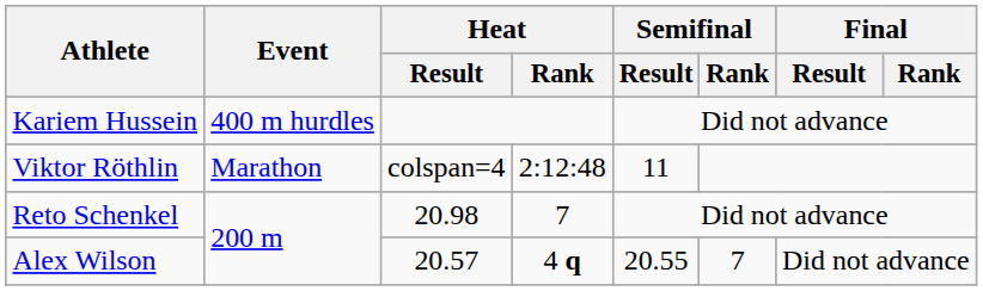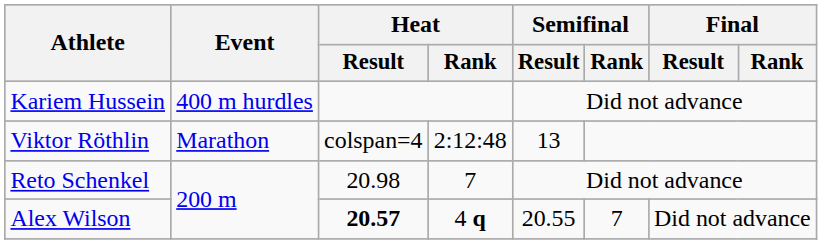 <table class="wikitable" style="font-size:90%">
 <tr>
 <th rowspan="2">Athlete</th>
 <th rowspan="2">Event</th>
 <th colspan="2">Heat</th>
 <th colspan="2">Semifinal</th>
 <th colspan="2">Final</th>
 </tr>
 <tr style="font-size:95%">
 <th>Result</th>
 <th>Rank</th>
 <th>Result</th>
 <th>Rank</th>
 <th>Result</th>
 <th>Rank</th>
 </tr>
 <tr align=center>
 <td align=left><a href='#'>Kariem Hussein</a></td>
 <td align=left><a href='#'>400 m hurdles</a></td>
 <td colspan=2></td>
 <td colspan=4>Did not advance</td>
 </tr>
 <tr align=center>
 <td align=left><a href='#'>Viktor Röthlin</a></td>
 <td align=left><a href='#'>Marathon</a></td>
 <td>colspan=4 </td>
 <td>2:12:48</td>
-<td>11</td>
+<td>13</td>
 </tr>
 <tr align=center>
 <td align=left><a href='#'>Reto Schenkel</a></td>
 <td align=left rowspan=2><a href='#'>200 m</a></td>
 <td>20.98</td>
 <td>7</td>
 <td colspan=4>Did not advance</td>
 </tr>
 <tr align=center>
 <td align=left><a href='#'>Alex Wilson</a></td>
-<td>20.57</td>
+<td><strong>20.57</strong></td>
 <td>4 <strong>q</strong></td>
 <td>20.55</td>
 <td>7</td>
 <td colspan=2>Did not advance</td>
 </tr>
 </table>
